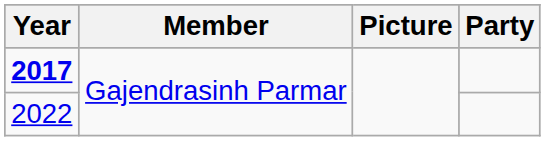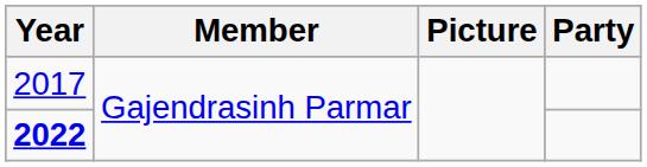 <table class="wikitable sortable">
 <tr>
 <th>Year</th>
 <th>Member</th>
 <th>Picture</th>
 <th colspan="2">Party</th>
 </tr>
 <tr>
-<td><strong><a href='#'>2017</a></strong></td>
+<td><a href='#'>2017</a></td>
 <td rowspan="2"><a href='#'>Gajendrasinh Parmar</a></td>
 <td rowspan="2"></td>
 <td></td>
 </tr>
 <tr>
-<td><a href='#'>2022</a></td>
+<td><strong><a href='#'>2022</a></strong></td>
 </tr>
 </table>
